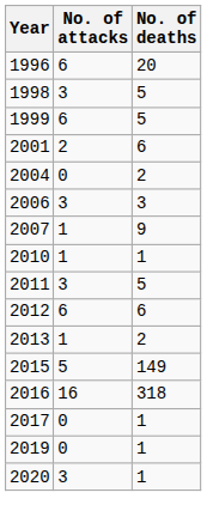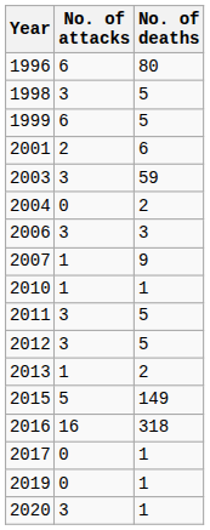 <table class="wikitable sortable" style="display:inline-table;">
 <tr>
 <th>Year</th>
 <th>No. of<br>attacks</th>
 <th>No. of<br>deaths</th>
 </tr>
 <tr>
 <td>1996</td>
 <td>6</td>
-<td>20</td>
+<td>80</td>
 </tr>
 <tr>
 <td>1998</td>
 <td>3</td>
 <td>5</td>
 </tr>
 <tr>
 <td>1999</td>
 <td>6</td>
 <td>5</td>
 </tr>
 <tr>
 <td>2001</td>
 <td>2</td>
 <td>6</td>
+</tr>
+<tr>
+<td>2003</td>
+<td>3</td>
+<td>59</td>
 </tr>
 <tr>
 <td>2004</td>
 <td>0</td>
 <td>2</td>
 </tr>
 <tr>
 <td>2006</td>
 <td>3</td>
 <td>3</td>
 </tr>
 <tr>
 <td>2007</td>
 <td>1</td>
 <td>9</td>
 </tr>
 <tr>
 <td>2010</td>
 <td>1</td>
 <td>1</td>
 </tr>
 <tr>
 <td>2011</td>
 <td>3</td>
 <td>5</td>
 </tr>
 <tr>
 <td>2012</td>
-<td>6</td>
-<td>6</td>
+<td>3</td>
+<td>5</td>
 </tr>
 <tr>
 <td>2013</td>
 <td>1</td>
 <td>2</td>
 </tr>
 <tr>
 <td>2015</td>
 <td>5</td>
 <td>149</td>
 </tr>
 <tr>
 <td>2016</td>
 <td>16</td>
 <td>318</td>
 </tr>
 <tr>
 <td>2017</td>
 <td>0</td>
 <td>1</td>
 </tr>
 <tr>
 <td>2019</td>
 <td>0</td>
 <td>1</td>
 </tr>
 <tr>
 <td>2020</td>
 <td>3</td>
 <td>1</td>
 </tr>
 </table>
